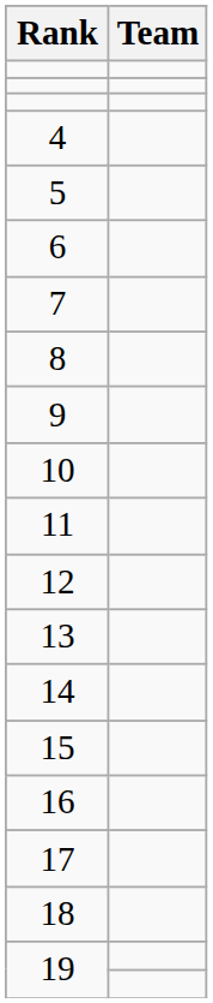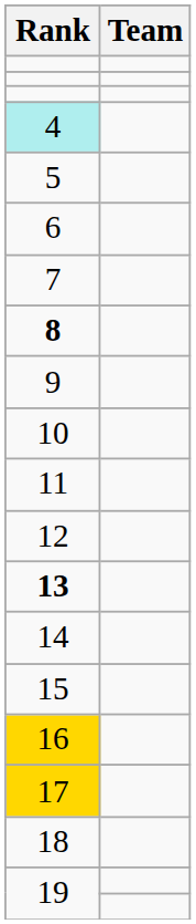 <table class="wikitable" style="text-align:center;">
 <tr>
 <th width=40>Rank</th>
 <th>Team</th>
 </tr>
 <tr>
 <td></td>
 <td style="text-align:left;"></td>
 </tr>
 <tr>
 <td></td>
 <td style="text-align:left;"></td>
 </tr>
 <tr>
 <td></td>
 <td style="text-align:left;"></td>
 </tr>
 <tr>
-<td>4</td>
+<td style="background: paleturquoise;">4</td>
 <td style="text-align:left;"></td>
 </tr>
 <tr>
 <td>5</td>
 <td style="text-align:left;"></td>
 </tr>
 <tr>
 <td>6</td>
 <td style="text-align:left;"></td>
 </tr>
 <tr>
 <td>7</td>
 <td style="text-align:left;"></td>
 </tr>
 <tr>
-<td>8</td>
+<td><strong>8</strong></td>
 <td style="text-align:left;"></td>
 </tr>
 <tr>
 <td>9</td>
 <td style="text-align:left;"></td>
 </tr>
 <tr>
 <td>10</td>
 <td style="text-align:left;"></td>
 </tr>
 <tr>
 <td>11</td>
 <td style="text-align:left;"></td>
 </tr>
 <tr>
 <td>12</td>
 <td style="text-align:left;"></td>
 </tr>
 <tr>
-<td>13</td>
+<td><strong>13</strong></td>
 <td style="text-align:left;"></td>
 </tr>
 <tr>
 <td>14</td>
 <td style="text-align:left;"></td>
 </tr>
 <tr>
 <td>15</td>
 <td style="text-align:left;"></td>
 </tr>
 <tr>
-<td>16</td>
+<td style="background: gold;">16</td>
 <td style="text-align:left;"></td>
 </tr>
 <tr>
-<td>17</td>
+<td style="background: gold;">17</td>
 <td style="text-align:left;"></td>
 </tr>
 <tr>
 <td>18</td>
 <td style="text-align:left;"></td>
 </tr>
 <tr>
 <td rowspan=2>19</td>
 <td style="text-align:left;"></td>
 </tr>
 <tr>
 <td style="text-align:left;"></td>
 </tr>
 </table>
